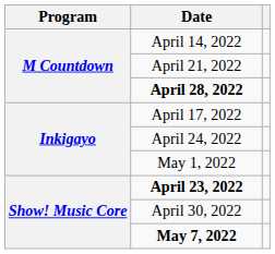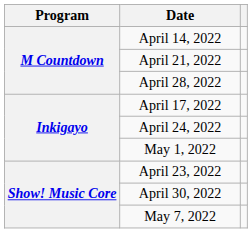 <table class="wikitable plainrowheaders" style="text-align:center">
 <tr>
 <th>Program</th>
 <th width="130">Date</th>
 <th></th>
 </tr>
 <tr>
 <th scope="row" style="text-align:center" rowspan="3"><em><a href='#'>M Countdown</a></em></th>
 <td>April 14, 2022</td>
 <td style="text-align:center"></td>
 </tr>
 <tr>
 <td>April 21, 2022</td>
 <td style="text-align:center"></td>
 </tr>
 <tr>
-<td><strong>April 28, 2022</strong></td>
+<td>April 28, 2022</td>
 <td style="text-align:center"></td>
 </tr>
 <tr>
 <th rowspan="3" scope="row" style="text-align:center"><em><a href='#'>Inkigayo</a></em></th>
 <td>April 17, 2022</td>
 <td style="text-align:center"></td>
 </tr>
 <tr>
 <td>April 24, 2022</td>
 <td></td>
 </tr>
 <tr>
 <td>May 1, 2022</td>
 <td></td>
 </tr>
 <tr>
 <th rowspan="3" scope="row" style="text-align:center"><em><a href='#'>Show! Music Core</a></em></th>
-<td><strong>April 23, 2022</strong></td>
+<td>April 23, 2022</td>
 <td style="text-align:center"></td>
 </tr>
 <tr>
 <td>April 30, 2022</td>
 <td></td>
 </tr>
 <tr>
-<td><strong>May 7, 2022</strong></td>
+<td>May 7, 2022</td>
 <td></td>
 </tr>
 </table>
